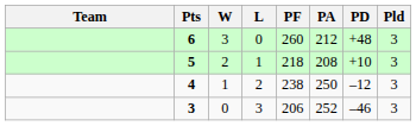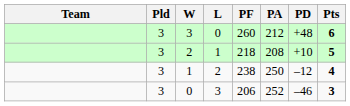 <table class=wikitable style="text-align:center">
 <tr>
 <th width=180>Team</th>
-<th width=30>Pts</th>
+<th width=30>Pld</th>
 <th width=30>W</th>
 <th width=30>L</th>
 <th width=30>PF</th>
 <th width=30>PA</th>
 <th width=30>PD</th>
-<th width=30>Pld</th>
+<th width=30>Pts</th>
 </tr>
 <tr bgcolor="#ccffcc">
 <td align="left"></td>
-<td><strong>6</strong></td>
+<td>3</td>
 <td>3</td>
 <td>0</td>
 <td>260</td>
 <td>212</td>
 <td>+48</td>
-<td>3</td>
+<td><strong>6</strong></td>
 </tr>
 <tr bgcolor="#ccffcc">
 <td align="left"></td>
-<td><strong>5</strong></td>
+<td>3</td>
 <td>2</td>
 <td>1</td>
 <td>218</td>
 <td>208</td>
 <td>+10</td>
-<td>3</td>
+<td><strong>5</strong></td>
 </tr>
 <tr>
 <td align="left"></td>
-<td><strong>4</strong></td>
+<td>3</td>
 <td>1</td>
 <td>2</td>
 <td>238</td>
 <td>250</td>
 <td>–12</td>
-<td>3</td>
+<td><strong>4</strong></td>
 </tr>
 <tr>
 <td align="left"></td>
-<td><strong>3</strong></td>
+<td>3</td>
 <td>0</td>
 <td>3</td>
 <td>206</td>
 <td>252</td>
 <td>–46</td>
-<td>3</td>
+<td><strong>3</strong></td>
 </tr>
 </table>
